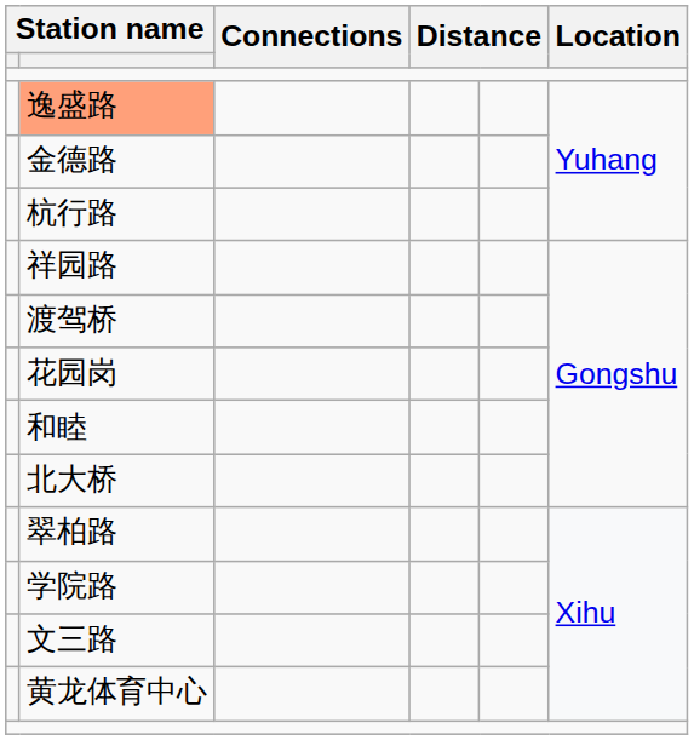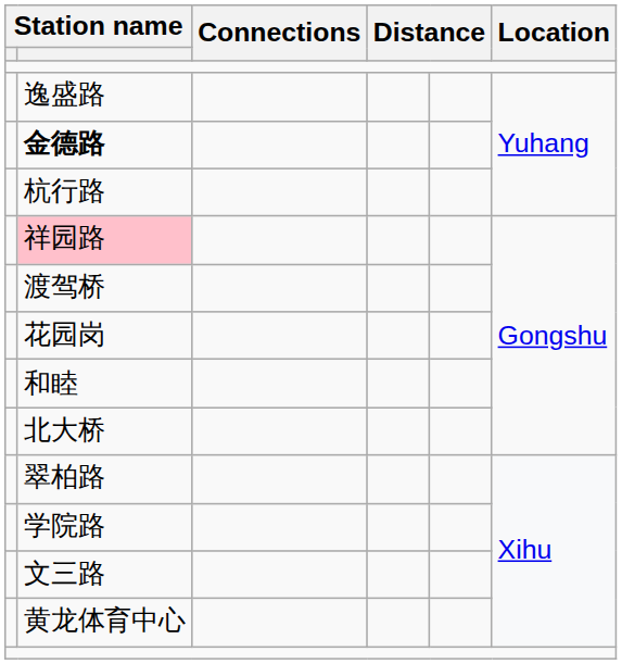 <table class="wikitable">
 <tr>
 <th colspan="2">Station name</th>
 <th rowspan="2">Connections</th>
 <th colspan="2" rowspan="2">Distance<br></th>
 <th rowspan="2">Location</th>
 </tr>
 <tr>
 <th></th>
 <th></th>
 </tr>
 <tr style="background:#">
 <td colspan="6"></td>
 </tr>
 <tr>
 <td></td>
-<td style="background: lightsalmon;"><span>逸盛路</span></td>
+<td><span>逸盛路</span></td>
 <td></td>
 <td></td>
 <td></td>
 <td rowspan="3"><a href='#'>Yuhang</a></td>
 </tr>
 <tr>
 <td></td>
-<td><span>金德路</span></td>
+<td><strong><span>金德路</span></strong></td>
 <td></td>
 <td></td>
 <td></td>
 </tr>
 <tr>
 <td></td>
 <td><span>杭行路</span></td>
 <td></td>
 <td></td>
 <td></td>
 </tr>
 <tr>
 <td></td>
-<td><span>祥园路</span></td>
+<td style="background: pink;"><span>祥园路</span></td>
 <td></td>
 <td></td>
 <td></td>
 <td rowspan="5"><a href='#'>Gongshu</a></td>
 </tr>
 <tr>
 <td></td>
 <td><span>渡驾桥</span></td>
 <td></td>
 <td></td>
 <td></td>
 </tr>
 <tr>
 <td></td>
 <td><span>花园岗</span></td>
 <td></td>
 <td></td>
 <td></td>
 </tr>
 <tr>
 <td></td>
 <td><span>和睦</span></td>
 <td></td>
 <td></td>
 <td></td>
 </tr>
 <tr>
 <td></td>
 <td><span>北大桥</span></td>
 <td></td>
 <td></td>
 <td></td>
 </tr>
 <tr>
 <td></td>
 <td><span>翠柏路</span></td>
 <td></td>
 <td></td>
 <td></td>
 <td style="background:#f8f9fa;" rowspan="4"><a href='#'>Xihu</a></td>
 </tr>
 <tr>
 <td></td>
 <td><span>学院路</span></td>
 <td></td>
 <td></td>
 <td></td>
 </tr>
 <tr>
 <td></td>
 <td><span>文三路</span></td>
 <td></td>
 <td></td>
 <td></td>
 </tr>
 <tr>
 <td></td>
 <td><span>黄龙体育中心</span></td>
 <td></td>
 <td></td>
 <td><br></td>
 </tr>
 <tr style="background:#">
 <td colspan="6"></td>
 </tr>
 </table>
